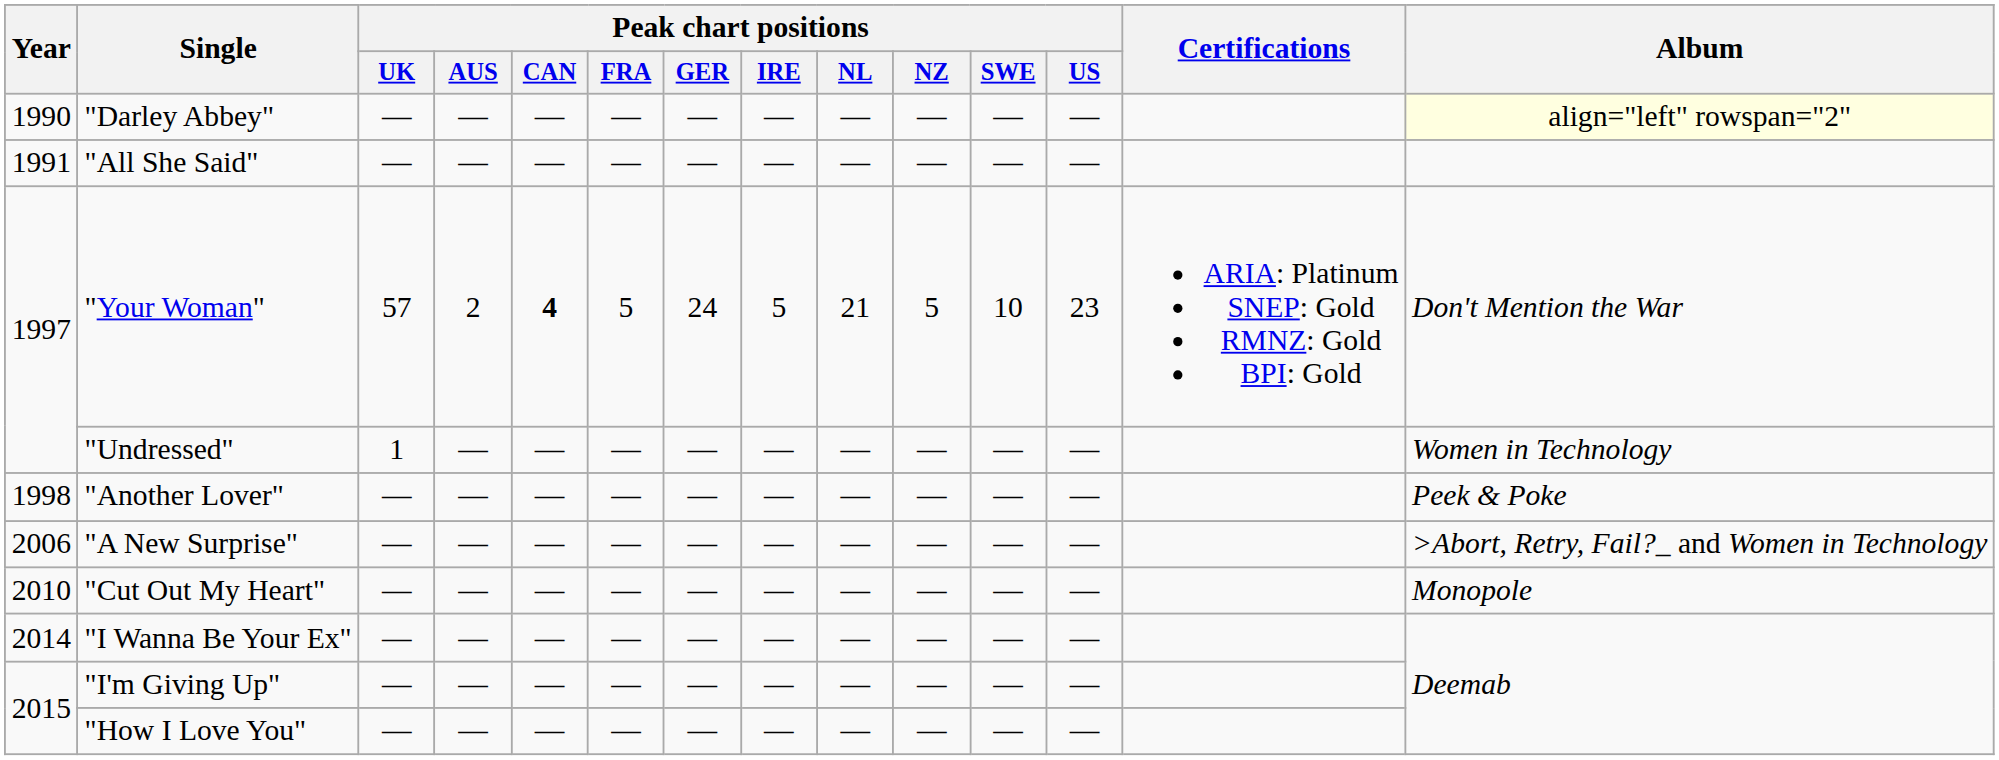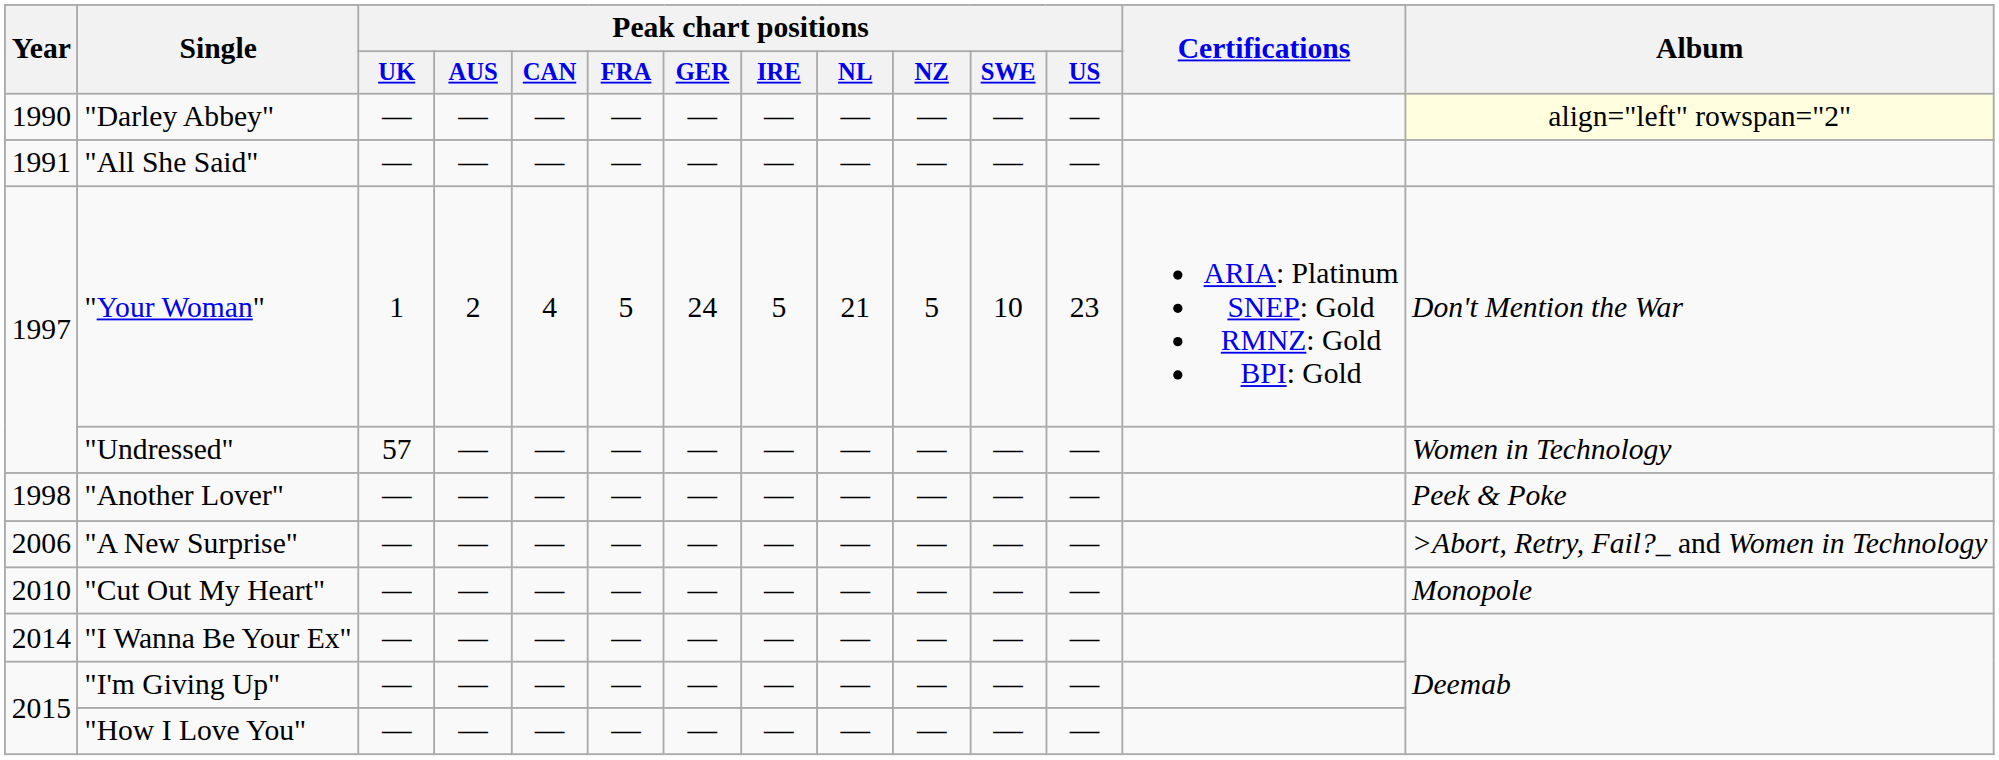 <table class="wikitable" style="text-align:center;">
 <tr>
 <th rowspan="2">Year</th>
 <th rowspan="2">Single</th>
 <th colspan="10">Peak chart positions</th>
 <th rowspan="2"><a href='#'>Certifications</a></th>
 <th rowspan="2">Album</th>
 </tr>
 <tr style="font-size:smaller;">
 <th width="35"><a href='#'>UK</a><br></th>
 <th width="35"><a href='#'>AUS</a><br></th>
 <th width="35"><a href='#'>CAN</a></th>
 <th width="35"><a href='#'>FRA</a></th>
 <th width="35"><a href='#'>GER</a></th>
 <th width="35"><a href='#'>IRE</a></th>
 <th width="35"><a href='#'>NL</a></th>
 <th width="35"><a href='#'>NZ</a></th>
 <th width="35"><a href='#'>SWE</a></th>
 <th width="35"><a href='#'>US</a></th>
 </tr>
 <tr>
 <td>1990</td>
 <td align="left">"Darley Abbey"</td>
 <td>—</td>
 <td>—</td>
 <td>—</td>
 <td>—</td>
 <td>—</td>
 <td>—</td>
 <td>—</td>
 <td>—</td>
 <td>—</td>
 <td>—</td>
 <td></td>
 <td style="background: lightyellow;">align="left" rowspan="2" </td>
 </tr>
 <tr>
 <td>1991</td>
 <td align="left">"All She Said"</td>
 <td>—</td>
 <td>—</td>
 <td>—</td>
 <td>—</td>
 <td>—</td>
 <td>—</td>
 <td>—</td>
 <td>—</td>
 <td>—</td>
 <td>—</td>
 <td></td>
 </tr>
 <tr>
 <td rowspan="2">1997</td>
 <td align="left">"<a href='#'>Your Woman</a>"</td>
-<td>57</td>
+<td>1</td>
 <td>2</td>
-<td><strong>4</strong></td>
+<td>4</td>
 <td>5</td>
 <td>24</td>
 <td>5</td>
 <td>21</td>
 <td>5</td>
 <td>10</td>
 <td>23</td>
 <td><br><ul><li><a href='#'>ARIA</a>: Platinum</li><li><a href='#'>SNEP</a>: Gold</li><li><a href='#'>RMNZ</a>: Gold</li><li><a href='#'>BPI</a>: Gold</li></ul></td>
 <td align="left"><em>Don't Mention the War</em></td>
 </tr>
 <tr>
 <td align="left">"Undressed"</td>
-<td>1</td>
+<td>57</td>
 <td>—</td>
 <td>—</td>
 <td>—</td>
 <td>—</td>
 <td>—</td>
 <td>—</td>
 <td>—</td>
 <td>—</td>
 <td>—</td>
 <td></td>
 <td align="left"><em>Women in Technology</em></td>
 </tr>
 <tr>
 <td>1998</td>
 <td align="left">"Another Lover"</td>
 <td>—</td>
 <td>—</td>
 <td>—</td>
 <td>—</td>
 <td>—</td>
 <td>—</td>
 <td>—</td>
 <td>—</td>
 <td>—</td>
 <td>—</td>
 <td></td>
 <td rowspan="1" align="left"><em>Peek & Poke</em></td>
 </tr>
 <tr>
 <td>2006</td>
 <td align="left">"A New Surprise"</td>
 <td>—</td>
 <td>—</td>
 <td>—</td>
 <td>—</td>
 <td>—</td>
 <td>—</td>
 <td>—</td>
 <td>—</td>
 <td>—</td>
 <td>—</td>
 <td></td>
 <td align="left"><em>>Abort, Retry, Fail?_</em> and <em>Women in Technology</em></td>
 </tr>
 <tr>
 <td>2010</td>
 <td align="left">"Cut Out My Heart"</td>
 <td>—</td>
 <td>—</td>
 <td>—</td>
 <td>—</td>
 <td>—</td>
 <td>—</td>
 <td>—</td>
 <td>—</td>
 <td>—</td>
 <td>—</td>
 <td></td>
 <td rowspan="1" align="left"><em>Monopole</em></td>
 </tr>
 <tr>
 <td>2014</td>
 <td align="left">"I Wanna Be Your Ex"</td>
 <td>—</td>
 <td>—</td>
 <td>—</td>
 <td>—</td>
 <td>—</td>
 <td>—</td>
 <td>—</td>
 <td>—</td>
 <td>—</td>
 <td>—</td>
 <td></td>
 <td rowspan="3" align="left"><em>Deemab</em></td>
 </tr>
 <tr>
 <td rowspan="2">2015</td>
 <td align="left">"I'm Giving Up"</td>
 <td>—</td>
 <td>—</td>
 <td>—</td>
 <td>—</td>
 <td>—</td>
 <td>—</td>
 <td>—</td>
 <td>—</td>
 <td>—</td>
 <td>—</td>
 <td></td>
 </tr>
 <tr>
 <td align="left">"How I Love You"</td>
 <td>—</td>
 <td>—</td>
 <td>—</td>
 <td>—</td>
 <td>—</td>
 <td>—</td>
 <td>—</td>
 <td>—</td>
 <td>—</td>
 <td>—</td>
 <td></td>
 </tr>
 </table>
